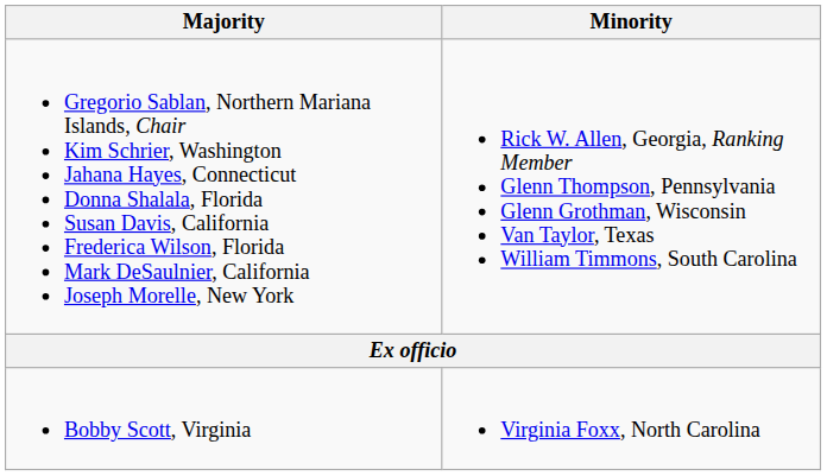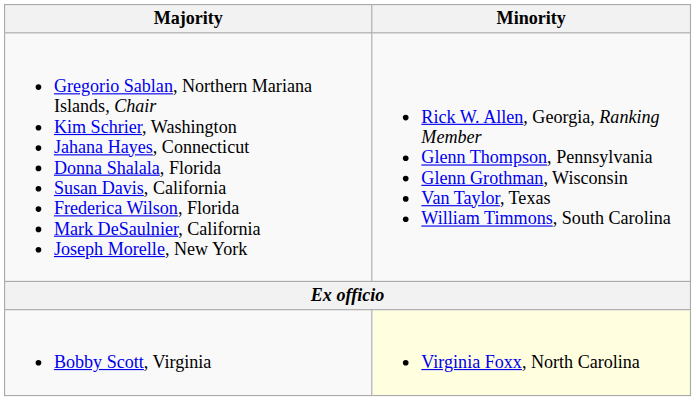 <table class=wikitable>
 <tr>
 <th>Majority</th>
 <th>Minority</th>
 </tr>
 <tr>
 <td><br><ul><li><span><a href='#'>Gregorio Sablan</a>, Northern Mariana Islands, <em>Chair</em></span></li><li><a href='#'>Kim Schrier</a>, Washington</li><li><a href='#'>Jahana Hayes</a>, Connecticut</li><li><a href='#'>Donna Shalala</a>, Florida</li><li><a href='#'>Susan Davis</a>, California</li><li><a href='#'>Frederica Wilson</a>, Florida</li><li><a href='#'>Mark DeSaulnier</a>, California</li><li><a href='#'>Joseph Morelle</a>, New York</li></ul></td>
 <td><br><ul><li><a href='#'>Rick W. Allen</a>, Georgia, <em>Ranking Member</em></li><li><a href='#'>Glenn Thompson</a>, Pennsylvania</li><li><a href='#'>Glenn Grothman</a>, Wisconsin</li><li><a href='#'>Van Taylor</a>, Texas</li><li><a href='#'>William Timmons</a>, South Carolina</li></ul></td>
 </tr>
 <tr>
 <th colspan=2><em>Ex officio</em></th>
 </tr>
 <tr>
 <td><br><ul><li><a href='#'>Bobby Scott</a>, Virginia</li></ul></td>
-<td><br><ul><li><a href='#'>Virginia Foxx</a>, North Carolina</li></ul></td>
+<td style="background: lightyellow;"><br><ul><li><a href='#'>Virginia Foxx</a>, North Carolina</li></ul></td>
 </tr>
 </table>
